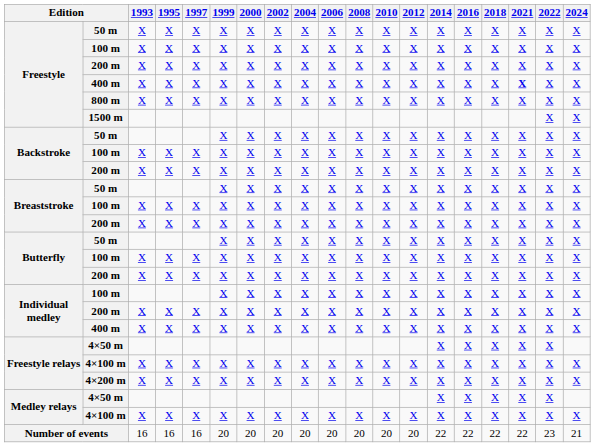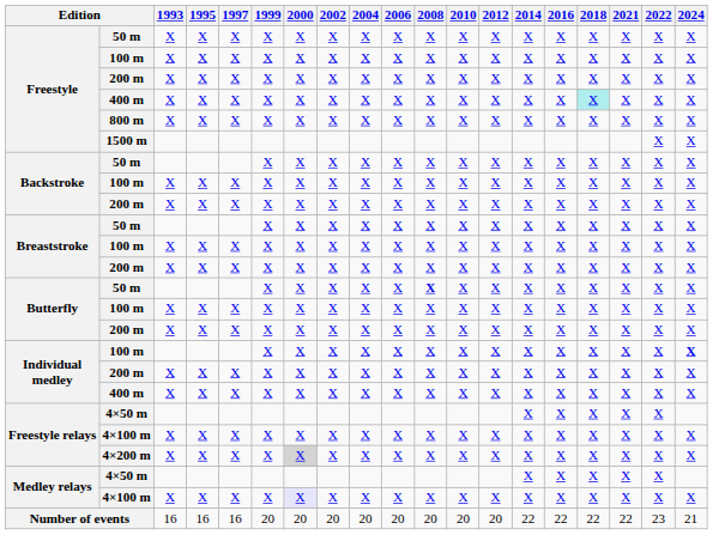 <table class="wikitable" style="text-size:95%; text-align:center">
 <tr>
 <th colspan="2">Edition</th>
 <th><a href='#'>1993</a></th>
 <th><a href='#'>1995</a></th>
 <th><a href='#'>1997</a></th>
 <th><a href='#'>1999</a></th>
 <th><a href='#'>2000</a></th>
 <th><a href='#'>2002</a></th>
 <th><a href='#'>2004</a></th>
 <th><a href='#'>2006</a></th>
 <th><a href='#'>2008</a></th>
 <th><a href='#'>2010</a></th>
 <th><a href='#'>2012</a></th>
 <th><a href='#'>2014</a></th>
 <th><a href='#'>2016</a></th>
 <th><a href='#'>2018</a></th>
 <th><a href='#'>2021</a></th>
 <th><a href='#'>2022</a></th>
 <th><a href='#'>2024</a></th>
 </tr>
 <tr>
 <th rowspan="6">Freestyle</th>
 <th>50 m</th>
 <td><a href='#'>X</a></td>
 <td><a href='#'>X</a></td>
 <td><a href='#'>X</a></td>
 <td><a href='#'>X</a></td>
 <td><a href='#'>X</a></td>
 <td><a href='#'>X</a></td>
 <td><a href='#'>X</a></td>
 <td><a href='#'>X</a></td>
 <td><a href='#'>X</a></td>
 <td><a href='#'>X</a></td>
 <td><a href='#'>X</a></td>
 <td><a href='#'>X</a></td>
 <td><a href='#'>X</a></td>
 <td><a href='#'>X</a></td>
 <td><a href='#'>X</a></td>
 <td><a href='#'>X</a></td>
 <td><a href='#'>X</a></td>
 </tr>
 <tr>
 <th>100 m</th>
 <td><a href='#'>X</a></td>
 <td><a href='#'>X</a></td>
 <td><a href='#'>X</a></td>
 <td><a href='#'>X</a></td>
 <td><a href='#'>X</a></td>
 <td><a href='#'>X</a></td>
 <td><a href='#'>X</a></td>
 <td><a href='#'>X</a></td>
 <td><a href='#'>X</a></td>
 <td><a href='#'>X</a></td>
 <td><a href='#'>X</a></td>
 <td><a href='#'>X</a></td>
 <td><a href='#'>X</a></td>
 <td><a href='#'>X</a></td>
 <td><a href='#'>X</a></td>
 <td><a href='#'>X</a></td>
 <td><a href='#'>X</a></td>
 </tr>
 <tr>
 <th>200 m</th>
 <td><a href='#'>X</a></td>
 <td><a href='#'>X</a></td>
 <td><a href='#'>X</a></td>
 <td><a href='#'>X</a></td>
 <td><a href='#'>X</a></td>
 <td><a href='#'>X</a></td>
 <td><a href='#'>X</a></td>
 <td><a href='#'>X</a></td>
 <td><a href='#'>X</a></td>
 <td><a href='#'>X</a></td>
 <td><a href='#'>X</a></td>
 <td><a href='#'>X</a></td>
 <td><a href='#'>X</a></td>
 <td><a href='#'>X</a></td>
 <td><a href='#'>X</a></td>
 <td><a href='#'>X</a></td>
 <td><a href='#'>X</a></td>
 </tr>
 <tr>
 <th>400 m</th>
 <td><a href='#'>X</a></td>
 <td><a href='#'>X</a></td>
 <td><a href='#'>X</a></td>
 <td><a href='#'>X</a></td>
 <td><a href='#'>X</a></td>
 <td><a href='#'>X</a></td>
 <td><a href='#'>X</a></td>
 <td><a href='#'>X</a></td>
 <td><a href='#'>X</a></td>
 <td><a href='#'>X</a></td>
 <td><a href='#'>X</a></td>
 <td><a href='#'>X</a></td>
 <td><a href='#'>X</a></td>
+<td style="background: paleturquoise;"><a href='#'>X</a></td>
 <td><a href='#'>X</a></td>
-<td><strong><a href='#'>X</a></strong></td>
 <td><a href='#'>X</a></td>
 <td><a href='#'>X</a></td>
 </tr>
 <tr>
 <th>800 m</th>
 <td><a href='#'>X</a></td>
 <td><a href='#'>X</a></td>
 <td><a href='#'>X</a></td>
 <td><a href='#'>X</a></td>
 <td><a href='#'>X</a></td>
 <td><a href='#'>X</a></td>
 <td><a href='#'>X</a></td>
 <td><a href='#'>X</a></td>
 <td><a href='#'>X</a></td>
 <td><a href='#'>X</a></td>
 <td><a href='#'>X</a></td>
 <td><a href='#'>X</a></td>
 <td><a href='#'>X</a></td>
 <td><a href='#'>X</a></td>
 <td><a href='#'>X</a></td>
 <td><a href='#'>X</a></td>
 <td><a href='#'>X</a></td>
 </tr>
 <tr>
 <th>1500 m</th>
 <td></td>
 <td></td>
 <td></td>
 <td></td>
 <td></td>
 <td></td>
 <td></td>
 <td></td>
 <td></td>
 <td></td>
 <td></td>
 <td></td>
 <td></td>
 <td></td>
 <td></td>
 <td><a href='#'>X</a></td>
 <td><a href='#'>X</a></td>
 </tr>
 <tr>
 <th rowspan="3">Backstroke</th>
 <th>50 m</th>
 <td></td>
 <td></td>
 <td></td>
 <td><a href='#'>X</a></td>
 <td><a href='#'>X</a></td>
 <td><a href='#'>X</a></td>
 <td><a href='#'>X</a></td>
 <td><a href='#'>X</a></td>
 <td><a href='#'>X</a></td>
 <td><a href='#'>X</a></td>
 <td><a href='#'>X</a></td>
 <td><a href='#'>X</a></td>
 <td><a href='#'>X</a></td>
 <td><a href='#'>X</a></td>
 <td><a href='#'>X</a></td>
 <td><a href='#'>X</a></td>
 <td><a href='#'>X</a></td>
 </tr>
 <tr>
 <th>100 m</th>
 <td><a href='#'>X</a></td>
 <td><a href='#'>X</a></td>
 <td><a href='#'>X</a></td>
 <td><a href='#'>X</a></td>
 <td><a href='#'>X</a></td>
 <td><a href='#'>X</a></td>
 <td><a href='#'>X</a></td>
 <td><a href='#'>X</a></td>
 <td><a href='#'>X</a></td>
 <td><a href='#'>X</a></td>
 <td><a href='#'>X</a></td>
 <td><a href='#'>X</a></td>
 <td><a href='#'>X</a></td>
 <td><a href='#'>X</a></td>
 <td><a href='#'>X</a></td>
 <td><a href='#'>X</a></td>
 <td><a href='#'>X</a></td>
 </tr>
 <tr>
 <th>200 m</th>
 <td><a href='#'>X</a></td>
 <td><a href='#'>X</a></td>
 <td><a href='#'>X</a></td>
 <td><a href='#'>X</a></td>
 <td><a href='#'>X</a></td>
 <td><a href='#'>X</a></td>
 <td><a href='#'>X</a></td>
 <td><a href='#'>X</a></td>
 <td><a href='#'>X</a></td>
 <td><a href='#'>X</a></td>
 <td><a href='#'>X</a></td>
 <td><a href='#'>X</a></td>
 <td><a href='#'>X</a></td>
 <td><a href='#'>X</a></td>
 <td><a href='#'>X</a></td>
 <td><a href='#'>X</a></td>
 <td><a href='#'>X</a></td>
 </tr>
 <tr>
 <th rowspan="3">Breaststroke</th>
 <th>50 m</th>
 <td></td>
 <td></td>
 <td></td>
 <td><a href='#'>X</a></td>
 <td><a href='#'>X</a></td>
 <td><a href='#'>X</a></td>
 <td><a href='#'>X</a></td>
 <td><a href='#'>X</a></td>
 <td><a href='#'>X</a></td>
 <td><a href='#'>X</a></td>
 <td><a href='#'>X</a></td>
 <td><a href='#'>X</a></td>
 <td><a href='#'>X</a></td>
 <td><a href='#'>X</a></td>
 <td><a href='#'>X</a></td>
 <td><a href='#'>X</a></td>
 <td><a href='#'>X</a></td>
 </tr>
 <tr>
 <th>100 m</th>
 <td><a href='#'>X</a></td>
 <td><a href='#'>X</a></td>
 <td><a href='#'>X</a></td>
 <td><a href='#'>X</a></td>
 <td><a href='#'>X</a></td>
 <td><a href='#'>X</a></td>
 <td><a href='#'>X</a></td>
 <td><a href='#'>X</a></td>
 <td><a href='#'>X</a></td>
 <td><a href='#'>X</a></td>
 <td><a href='#'>X</a></td>
 <td><a href='#'>X</a></td>
 <td><a href='#'>X</a></td>
 <td><a href='#'>X</a></td>
 <td><a href='#'>X</a></td>
 <td><a href='#'>X</a></td>
 <td><a href='#'>X</a></td>
 </tr>
 <tr>
 <th>200 m</th>
 <td><a href='#'>X</a></td>
 <td><a href='#'>X</a></td>
 <td><a href='#'>X</a></td>
 <td><a href='#'>X</a></td>
 <td><a href='#'>X</a></td>
 <td><a href='#'>X</a></td>
 <td><a href='#'>X</a></td>
 <td><a href='#'>X</a></td>
 <td><a href='#'>X</a></td>
 <td><a href='#'>X</a></td>
 <td><a href='#'>X</a></td>
 <td><a href='#'>X</a></td>
 <td><a href='#'>X</a></td>
 <td><a href='#'>X</a></td>
 <td><a href='#'>X</a></td>
 <td><a href='#'>X</a></td>
 <td><a href='#'>X</a></td>
 </tr>
 <tr>
 <th rowspan="3">Butterfly</th>
 <th>50 m</th>
 <td></td>
 <td></td>
 <td></td>
 <td><a href='#'>X</a></td>
 <td><a href='#'>X</a></td>
 <td><a href='#'>X</a></td>
 <td><a href='#'>X</a></td>
 <td><a href='#'>X</a></td>
-<td><a href='#'>X</a></td>
+<td><strong><a href='#'>X</a></strong></td>
 <td><a href='#'>X</a></td>
 <td><a href='#'>X</a></td>
 <td><a href='#'>X</a></td>
 <td><a href='#'>X</a></td>
 <td><a href='#'>X</a></td>
 <td><a href='#'>X</a></td>
 <td><a href='#'>X</a></td>
 <td><a href='#'>X</a></td>
 </tr>
 <tr>
 <th>100 m</th>
 <td><a href='#'>X</a></td>
 <td><a href='#'>X</a></td>
 <td><a href='#'>X</a></td>
 <td><a href='#'>X</a></td>
 <td><a href='#'>X</a></td>
 <td><a href='#'>X</a></td>
 <td><a href='#'>X</a></td>
 <td><a href='#'>X</a></td>
 <td><a href='#'>X</a></td>
 <td><a href='#'>X</a></td>
 <td><a href='#'>X</a></td>
 <td><a href='#'>X</a></td>
 <td><a href='#'>X</a></td>
 <td><a href='#'>X</a></td>
 <td><a href='#'>X</a></td>
 <td><a href='#'>X</a></td>
 <td><a href='#'>X</a></td>
 </tr>
 <tr>
 <th>200 m</th>
 <td><a href='#'>X</a></td>
 <td><a href='#'>X</a></td>
 <td><a href='#'>X</a></td>
 <td><a href='#'>X</a></td>
 <td><a href='#'>X</a></td>
 <td><a href='#'>X</a></td>
 <td><a href='#'>X</a></td>
 <td><a href='#'>X</a></td>
 <td><a href='#'>X</a></td>
 <td><a href='#'>X</a></td>
 <td><a href='#'>X</a></td>
 <td><a href='#'>X</a></td>
 <td><a href='#'>X</a></td>
 <td><a href='#'>X</a></td>
 <td><a href='#'>X</a></td>
 <td><a href='#'>X</a></td>
 <td><a href='#'>X</a></td>
 </tr>
 <tr>
 <th rowspan="3">Individual<br>medley</th>
 <th>100 m</th>
 <td></td>
 <td></td>
 <td></td>
 <td><a href='#'>X</a></td>
 <td><a href='#'>X</a></td>
 <td><a href='#'>X</a></td>
 <td><a href='#'>X</a></td>
 <td><a href='#'>X</a></td>
 <td><a href='#'>X</a></td>
 <td><a href='#'>X</a></td>
 <td><a href='#'>X</a></td>
 <td><a href='#'>X</a></td>
 <td><a href='#'>X</a></td>
 <td><a href='#'>X</a></td>
 <td><a href='#'>X</a></td>
 <td><a href='#'>X</a></td>
-<td><a href='#'>X</a></td>
+<td><strong><a href='#'>X</a></strong></td>
 </tr>
 <tr>
 <th>200 m</th>
 <td><a href='#'>X</a></td>
 <td><a href='#'>X</a></td>
 <td><a href='#'>X</a></td>
 <td><a href='#'>X</a></td>
 <td><a href='#'>X</a></td>
 <td><a href='#'>X</a></td>
 <td><a href='#'>X</a></td>
 <td><a href='#'>X</a></td>
 <td><a href='#'>X</a></td>
 <td><a href='#'>X</a></td>
 <td><a href='#'>X</a></td>
 <td><a href='#'>X</a></td>
 <td><a href='#'>X</a></td>
 <td><a href='#'>X</a></td>
 <td><a href='#'>X</a></td>
 <td><a href='#'>X</a></td>
 <td><a href='#'>X</a></td>
 </tr>
 <tr>
 <th>400 m</th>
 <td><a href='#'>X</a></td>
 <td><a href='#'>X</a></td>
 <td><a href='#'>X</a></td>
 <td><a href='#'>X</a></td>
 <td><a href='#'>X</a></td>
 <td><a href='#'>X</a></td>
 <td><a href='#'>X</a></td>
 <td><a href='#'>X</a></td>
 <td><a href='#'>X</a></td>
 <td><a href='#'>X</a></td>
 <td><a href='#'>X</a></td>
 <td><a href='#'>X</a></td>
 <td><a href='#'>X</a></td>
 <td><a href='#'>X</a></td>
 <td><a href='#'>X</a></td>
 <td><a href='#'>X</a></td>
 <td><a href='#'>X</a></td>
 </tr>
 <tr>
 <th rowspan="3">Freestyle relays</th>
 <th>4×50 m</th>
 <td></td>
 <td></td>
 <td></td>
 <td></td>
 <td></td>
 <td></td>
 <td></td>
 <td></td>
 <td></td>
 <td></td>
 <td></td>
 <td><a href='#'>X</a></td>
 <td><a href='#'>X</a></td>
 <td><a href='#'>X</a></td>
 <td><a href='#'>X</a></td>
 <td><a href='#'>X</a></td>
 <td></td>
 </tr>
 <tr>
 <th>4×100 m</th>
 <td><a href='#'>X</a></td>
 <td><a href='#'>X</a></td>
 <td><a href='#'>X</a></td>
 <td><a href='#'>X</a></td>
 <td><a href='#'>X</a></td>
 <td><a href='#'>X</a></td>
 <td><a href='#'>X</a></td>
 <td><a href='#'>X</a></td>
 <td><a href='#'>X</a></td>
 <td><a href='#'>X</a></td>
 <td><a href='#'>X</a></td>
 <td><a href='#'>X</a></td>
 <td><a href='#'>X</a></td>
 <td><a href='#'>X</a></td>
 <td><a href='#'>X</a></td>
 <td><a href='#'>X</a></td>
 <td><a href='#'>X</a></td>
 </tr>
 <tr>
 <th>4×200 m</th>
 <td><a href='#'>X</a></td>
 <td><a href='#'>X</a></td>
 <td><a href='#'>X</a></td>
 <td><a href='#'>X</a></td>
-<td><a href='#'>X</a></td>
+<td style="background: lightgrey;"><a href='#'>X</a></td>
 <td><a href='#'>X</a></td>
 <td><a href='#'>X</a></td>
 <td><a href='#'>X</a></td>
 <td><a href='#'>X</a></td>
 <td><a href='#'>X</a></td>
 <td><a href='#'>X</a></td>
 <td><a href='#'>X</a></td>
 <td><a href='#'>X</a></td>
 <td><a href='#'>X</a></td>
 <td><a href='#'>X</a></td>
 <td><a href='#'>X</a></td>
 <td><a href='#'>X</a></td>
 </tr>
 <tr>
 <th rowspan="2">Medley relays</th>
 <th>4×50 m</th>
 <td></td>
 <td></td>
 <td></td>
 <td></td>
 <td></td>
 <td></td>
 <td></td>
 <td></td>
 <td></td>
 <td></td>
 <td></td>
 <td><a href='#'>X</a></td>
 <td><a href='#'>X</a></td>
 <td><a href='#'>X</a></td>
 <td><a href='#'>X</a></td>
 <td><a href='#'>X</a></td>
 <td></td>
 </tr>
 <tr>
 <th>4×100 m</th>
 <td><a href='#'>X</a></td>
 <td><a href='#'>X</a></td>
 <td><a href='#'>X</a></td>
 <td><a href='#'>X</a></td>
-<td><a href='#'>X</a></td>
+<td style="background: lavender;"><a href='#'>X</a></td>
 <td><a href='#'>X</a></td>
 <td><a href='#'>X</a></td>
 <td><a href='#'>X</a></td>
 <td><a href='#'>X</a></td>
 <td><a href='#'>X</a></td>
 <td><a href='#'>X</a></td>
 <td><a href='#'>X</a></td>
 <td><a href='#'>X</a></td>
 <td><a href='#'>X</a></td>
 <td><a href='#'>X</a></td>
 <td><a href='#'>X</a></td>
 <td><a href='#'>X</a></td>
 </tr>
 <tr>
 <th colspan="2">Number of events</th>
 <td>16</td>
 <td>16</td>
 <td>16</td>
 <td>20</td>
 <td>20</td>
 <td>20</td>
 <td>20</td>
 <td>20</td>
 <td>20</td>
 <td>20</td>
 <td>20</td>
 <td>22</td>
 <td>22</td>
 <td>22</td>
 <td>22</td>
 <td>23</td>
 <td>21</td>
 </tr>
 </table>
